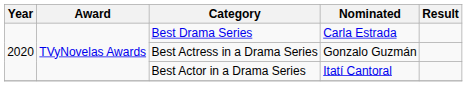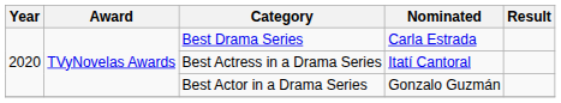 <table class="wikitable plainrowheaders">
 <tr>
 <th scope="col">Year</th>
 <th scope="col">Award</th>
 <th scope="col">Category</th>
 <th scope="col">Nominated</th>
 <th scope="col">Result</th>
 </tr>
 <tr>
 <td rowspan="3">2020</td>
 <td rowspan="3"><a href='#'>TVyNovelas Awards</a></td>
 <td><a href='#'>Best Drama Series</a></td>
 <td><a href='#'>Carla Estrada</a></td>
 <td></td>
 </tr>
 <tr>
 <td>Best Actress in a Drama Series</td>
-<td>Gonzalo Guzmán</td>
+<td><a href='#'>Itatí Cantoral</a></td>
 <td></td>
 </tr>
 <tr>
 <td>Best Actor in a Drama Series</td>
-<td><a href='#'>Itatí Cantoral</a></td>
+<td>Gonzalo Guzmán</td>
 <td></td>
 </tr>
 <tr>
 </tr>
 </table>
